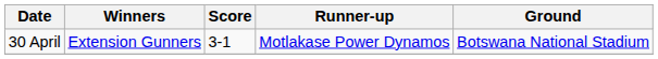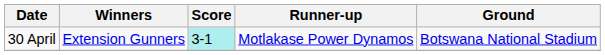 <table class="wikitable">
 <tr>
 <th>Date</th>
 <th>Winners</th>
 <th>Score</th>
 <th>Runner-up</th>
 <th>Ground</th>
 </tr>
 <tr>
 <td>30 April</td>
 <td><a href='#'>Extension Gunners</a></td>
-<td>3-1</td>
+<td style="background: paleturquoise;">3-1</td>
 <td><a href='#'>Motlakase Power Dynamos</a></td>
 <td><a href='#'>Botswana National Stadium</a></td>
 </tr>
 <tr>
 </tr>
 </table>
